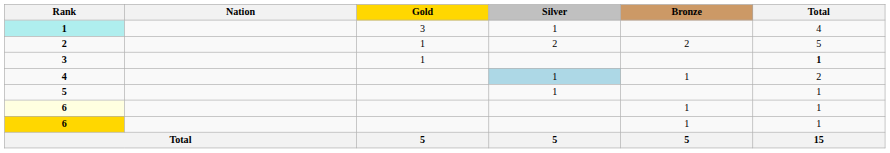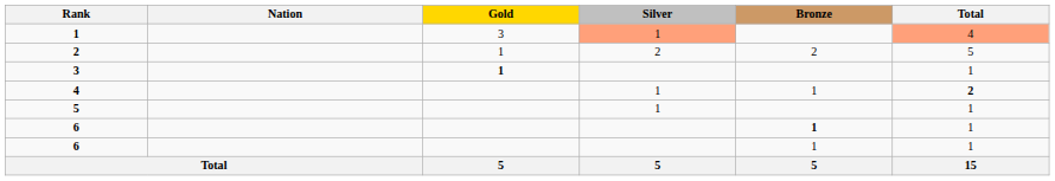 <table class="wikitable collapsible autocollapse plainrowheaders" width=70.5% style="text-align:center;">
 <tr style="background-color:#EDEDED;">
 <th width=100px class="hintergrundfarbe5">Rank</th>
 <th width=200px class="hintergrundfarbe6">Nation</th>
 <th style="background:    gold; width:15%">Gold</th>
 <th style="background:  silver; width:15%">Silver</th>
 <th style="background: #CC9966; width:15%">Bronze</th>
 <th class="hintergrundfarbe6" style="width:15%">Total</th>
 </tr>
 <tr>
-<td style="background: paleturquoise;"><strong>1</strong></td>
+<td><strong>1</strong></td>
 <td align=left></td>
 <td>3</td>
-<td>1</td>
+<td style="background: lightsalmon;">1</td>
 <td></td>
-<td>4</td>
+<td style="background: lightsalmon;">4</td>
 </tr>
 <tr>
 <td><strong>2</strong></td>
 <td align=left></td>
 <td>1</td>
 <td>2</td>
 <td>2</td>
 <td>5</td>
 </tr>
 <tr>
 <td><strong>3</strong></td>
 <td align=left></td>
-<td>1</td>
+<td><strong>1</strong></td>
 <td></td>
 <td></td>
-<td><strong>1</strong></td>
+<td>1</td>
 </tr>
 <tr>
 <td><strong>4</strong></td>
 <td align=left></td>
 <td></td>
-<td style="background: lightblue;">1</td>
 <td>1</td>
-<td>2</td>
+<td>1</td>
+<td><strong>2</strong></td>
 </tr>
 <tr>
 <td><strong>5</strong></td>
 <td align=left></td>
 <td></td>
 <td>1</td>
 <td></td>
 <td>1</td>
 </tr>
 <tr>
-<td style="background: lightyellow;"><strong>6</strong></td>
+<td><strong>6</strong></td>
 <td align=left></td>
 <td></td>
 <td></td>
-<td>1</td>
+<td><strong>1</strong></td>
 <td>1</td>
 </tr>
 <tr>
-<td style="background: gold;"><strong>6</strong></td>
+<td><strong>6</strong></td>
 <td align=left></td>
 <td></td>
 <td></td>
 <td>1</td>
 <td>1</td>
 </tr>
 <tr>
 <th colspan=2>Total</th>
 <th>5</th>
 <th>5</th>
 <th>5</th>
 <th>15</th>
 </tr>
 </table>
